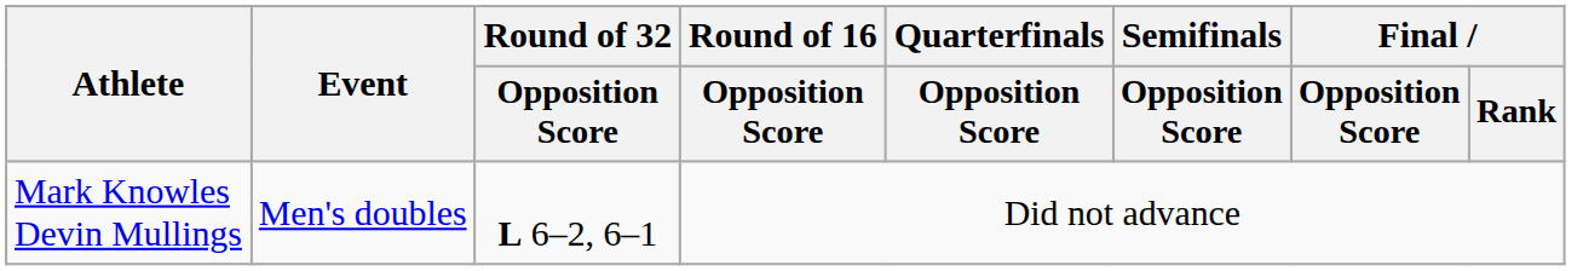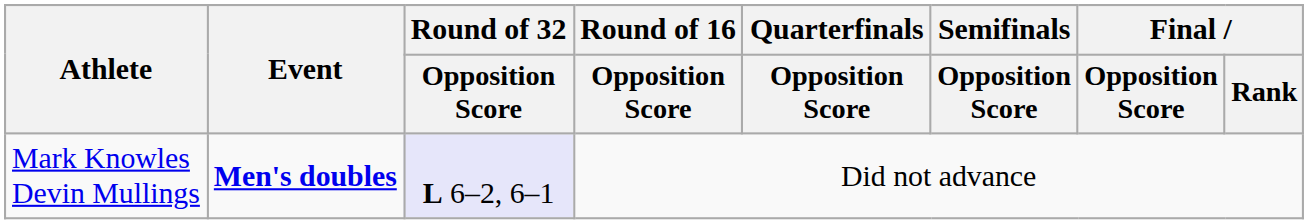 <table class=wikitable style="font-size:90%">
 <tr>
 <th rowspan="2">Athlete</th>
 <th rowspan="2">Event</th>
 <th>Round of 32</th>
 <th>Round of 16</th>
 <th>Quarterfinals</th>
 <th>Semifinals</th>
 <th colspan=2>Final / </th>
 </tr>
 <tr style="font-size:95%">
 <th>Opposition<br>Score</th>
 <th>Opposition<br>Score</th>
 <th>Opposition<br>Score</th>
 <th>Opposition<br>Score</th>
 <th>Opposition<br>Score</th>
 <th>Rank</th>
 </tr>
 <tr align=center>
 <td align=left><a href='#'>Mark Knowles</a><br><a href='#'>Devin Mullings</a></td>
-<td align=left><a href='#'>Men's doubles</a></td>
-<td><br><strong>L</strong> 6–2, 6–1</td>
+<td align=left><strong><a href='#'>Men's doubles</a></strong></td>
+<td style="background: lavender;"><br><strong>L</strong> 6–2, 6–1</td>
 <td colspan=5>Did not advance</td>
 </tr>
 </table>
